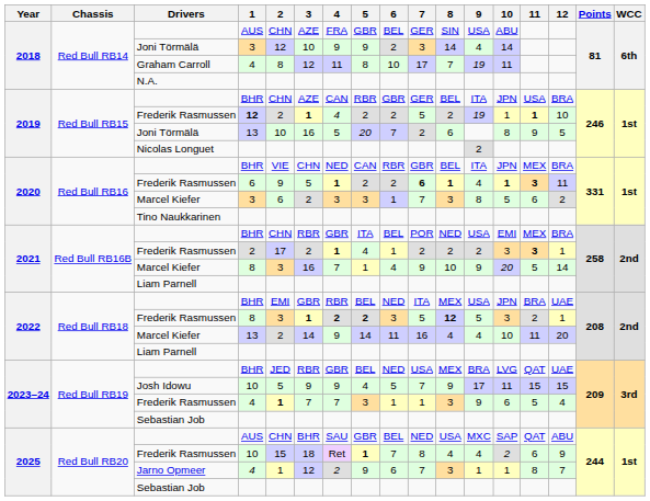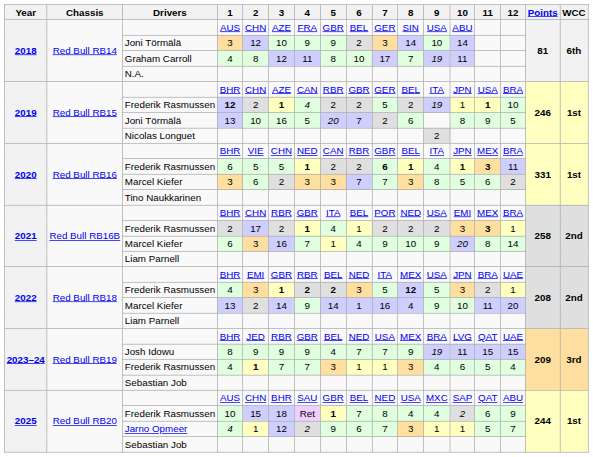 <table class="wikitable" style="text-align:center; font-size:85%">
 <tr>
 <th>Year</th>
 <th>Chassis</th>
 <th>Drivers</th>
 <th>1</th>
 <th>2</th>
 <th>3</th>
 <th>4</th>
 <th>5</th>
 <th>6</th>
 <th>7</th>
 <th>8</th>
 <th>9</th>
 <th>10</th>
 <th>11</th>
 <th>12</th>
 <th><a href='#'>Points</a></th>
 <th>WCC</th>
 </tr>
 <tr>
 <th rowspan="4"><a href='#'>2018</a></th>
 <td rowspan="4"><a href='#'>Red Bull RB14</a></td>
 <td></td>
 <td><a href='#'>AUS</a></td>
 <td><a href='#'>CHN</a></td>
 <td><a href='#'>AZE</a></td>
 <td><a href='#'>FRA</a></td>
 <td><a href='#'>GBR</a></td>
 <td><a href='#'>BEL</a></td>
 <td><a href='#'>GER</a></td>
 <td><a href='#'>SIN</a></td>
 <td><a href='#'>USA</a></td>
 <td><a href='#'>ABU</a></td>
 <td></td>
 <td></td>
 <th rowspan="4" style="background:#;">81</th>
 <th rowspan="4" style="background:#;">6th</th>
 </tr>
 <tr>
 <td align="left"> Joni Törmälä</td>
 <td style="background: #FFDF9F">3</td>
 <td style="background: #CFCFFF">12</td>
 <td style="background: #DFFFDF">10</td>
 <td style="background: #DFFFDF">9</td>
 <td style="background: #DFFFDF">9</td>
 <td style="background: #DFDFDF">2</td>
 <td style="background: #FFDF9F">3</td>
 <td style="background: #CFCFFF">14</td>
-<td style="background: #DFFFDF">4</td>
+<td style="background: #DFFFDF">10</td>
 <td style="background: #CFCFFF">14</td>
 <td></td>
 <td></td>
 </tr>
 <tr>
 <td align="left"> Graham Carroll</td>
 <td style="background: #DFFFDF">4</td>
 <td style="background: #DFFFDF">8</td>
 <td style="background: #CFCFFF">12</td>
 <td style="background: #CFCFFF">11</td>
 <td style="background: #DFFFDF">8</td>
 <td style="background: #DFFFDF">10</td>
 <td style="background: #CFCFFF">17</td>
 <td style="background: #DFFFDF">7</td>
 <td style="background: #CFCFFF"><em>19</em></td>
 <td style="background: #CFCFFF">11</td>
 <td></td>
 <td></td>
 </tr>
 <tr>
 <td align="left">N.A.</td>
 <td style="background:"></td>
 <td style="background:"></td>
 <td style="background:"></td>
 <td style="background:"></td>
 <td style="background:"></td>
 <td style="background:"></td>
 <td style="background:"></td>
 <td style="background:"></td>
 <td style="background:"></td>
 <td style="background:"></td>
 <td></td>
 <td></td>
 </tr>
 <tr>
 <th rowspan="4"><a href='#'>2019</a></th>
 <td rowspan="4"><a href='#'>Red Bull RB15</a></td>
 <td></td>
 <td><a href='#'>BHR</a></td>
 <td><a href='#'>CHN</a></td>
 <td><a href='#'>AZE</a></td>
 <td><a href='#'>CAN</a></td>
 <td><a href='#'>RBR</a></td>
 <td><a href='#'>GBR</a></td>
 <td><a href='#'>GER</a></td>
 <td><a href='#'>BEL</a></td>
 <td><a href='#'>ITA</a></td>
 <td><a href='#'>JPN</a></td>
 <td><a href='#'>USA</a></td>
 <td><a href='#'>BRA</a></td>
 <th rowspan="4" style="background: #FFFFBF;"><strong>246</strong></th>
 <th rowspan="4" style="background: #FFFFBF;"><strong>1st</strong></th>
 </tr>
 <tr>
 <td align="left"> Frederik Rasmussen</td>
 <td style="background: #CFCFFF"><strong>12</strong></td>
 <td style="background: #DFDFDF">2</td>
 <td style="background: #FFFFBF"><strong>1</strong></td>
 <td style="background: #DFFFDF"><em>4</em></td>
 <td style="background: #DFDFDF">2</td>
 <td style="background: #DFDFDF">2</td>
 <td style="background: #DFFFDF">5</td>
 <td style="background: #DFDFDF">2</td>
 <td style="background: #CFCFFF"><em>19</em></td>
 <td style="background: #FFFFBF">1</td>
 <td style="background: #FFFFBF"><strong>1</strong></td>
 <td style="background: #DFFFDF">10</td>
 </tr>
 <tr>
 <td align="left"> Joni Törmälä</td>
 <td style="background: #CFCFFF">13</td>
 <td style="background: #DFFFDF">10</td>
 <td style="background: #DFFFDF">16</td>
 <td style="background: #DFFFDF">5</td>
 <td style="background: #CFCFFF"><em>20</em></td>
 <td style="background: #CFCFFF">7</td>
 <td style="background: #DFDFDF">2</td>
 <td style="background: #DFFFDF">6</td>
 <td style="background: #"></td>
 <td style="background: #DFFFDF">8</td>
 <td style="background: #DFFFDF">9</td>
 <td style="background: #DFFFDF">5</td>
 </tr>
 <tr>
 <td align="left"> Nicolas Longuet</td>
 <td style="background: #"></td>
 <td style="background: #"></td>
 <td></td>
 <td></td>
 <td></td>
 <td></td>
 <td></td>
 <td></td>
 <td style="background: #DFDFDF">2</td>
 <td></td>
 <td></td>
 <td style="background: #"></td>
 </tr>
 <tr>
 <th rowspan="4"><a href='#'>2020</a></th>
 <td rowspan="4"><a href='#'>Red Bull RB16</a></td>
 <td></td>
 <td><a href='#'>BHR</a></td>
 <td><a href='#'>VIE</a></td>
 <td><a href='#'>CHN</a></td>
 <td><a href='#'>NED</a></td>
 <td><a href='#'>CAN</a></td>
 <td><a href='#'>RBR</a></td>
 <td><a href='#'>GBR</a></td>
 <td><a href='#'>BEL</a></td>
 <td><a href='#'>ITA</a></td>
 <td><a href='#'>JPN</a></td>
 <td><a href='#'>MEX</a></td>
 <td><a href='#'>BRA</a></td>
 <th rowspan="4" style="background: #FFFFBF;"><strong>331</strong></th>
 <th rowspan="4" style="background: #FFFFBF;"><strong>1st</strong></th>
 </tr>
 <tr>
 <td align="left"> Frederik Rasmussen</td>
 <td style="background: #DFFFDF">6</td>
-<td style="background: #DFFFDF">9</td>
+<td style="background: #DFFFDF">5</td>
 <td style="background: #DFFFDF">5</td>
 <td style="background: #FFFFBF"><strong>1</strong></td>
 <td style="background: #DFDFDF">2</td>
 <td style="background: #DFDFDF">2</td>
 <td style="background: #DFFFDF"><strong>6</strong></td>
 <td style="background: #FFFFBF"><strong>1</strong></td>
 <td style="background: #DFFFDF">4</td>
 <td style="background: #FFFFBF"><strong>1</strong></td>
 <td style="background: #FFDF9F"><strong>3</strong></td>
 <td style="background: #CFCFFF">11</td>
 </tr>
 <tr>
 <td align="left"> Marcel Kiefer</td>
 <td style="background: #FFDF9F">3</td>
 <td style="background: #DFFFDF">6</td>
 <td style="background: #DFDFDF">2</td>
 <td style="background: #FFDF9F">3</td>
 <td style="background: #FFDF9F">3</td>
-<td style="background: #CFCFFF">1</td>
+<td style="background: #CFCFFF">7</td>
 <td style="background: #DFFFDF">7</td>
 <td style="background: #FFDF9F">3</td>
 <td style="background: #DFFFDF">8</td>
 <td style="background: #DFFFDF">5</td>
 <td style="background: #DFFFDF">6</td>
 <td style="background: #DFDFDF">2</td>
 </tr>
 <tr>
 <td align="left"> Tino Naukkarinen</td>
 <td></td>
 <td style="background: #"></td>
 <td></td>
 <td style="background: #"></td>
 <td style="background: #"></td>
 <td style="background:"></td>
 <td></td>
 <td style="background: #"></td>
 <td style="background: #"></td>
 <td style="background: #"></td>
 <td style="background: #"></td>
 <td></td>
 </tr>
 <tr>
 <th rowspan="4"><a href='#'>2021</a></th>
 <td rowspan="4"><a href='#'>Red Bull RB16B</a></td>
 <td></td>
 <td><a href='#'>BHR</a></td>
 <td><a href='#'>CHN</a></td>
 <td><a href='#'>RBR</a></td>
 <td><a href='#'>GBR</a></td>
 <td><a href='#'>ITA</a></td>
 <td><a href='#'>BEL</a></td>
 <td><a href='#'>POR</a></td>
 <td><a href='#'>NED</a></td>
 <td><a href='#'>USA</a></td>
 <td><a href='#'>EMI</a></td>
 <td><a href='#'>MEX</a></td>
 <td><a href='#'>BRA</a></td>
 <th rowspan="4" style="background: #DFDFDF;">258</th>
 <th rowspan="4" style="background: #DFDFDF;">2nd</th>
 </tr>
 <tr>
 <td align="left"> Frederik Rasmussen</td>
 <td style="background: #DFDFDF">2</td>
 <td style="background: #CFCFFF">17</td>
 <td style="background: #DFDFDF">2</td>
 <td style="background: #FFFFBF"><strong>1</strong></td>
 <td style="background: #DFFFDF">4</td>
 <td style="background: #FFFFBF">1</td>
 <td style="background: #DFDFDF">2</td>
 <td style="background: #DFDFDF">2</td>
 <td style="background: #DFDFDF">2</td>
 <td style="background: #FFDF9F">3</td>
 <td style="background: #FFDF9F"><strong>3</strong></td>
 <td style="background: #FFFFBF">1</td>
 </tr>
 <tr>
 <td align="left"> Marcel Kiefer</td>
-<td style="background: #DFFFDF">8</td>
+<td style="background: #DFFFDF">6</td>
 <td style="background: #FFDF9F">3</td>
 <td style="background: #CFCFFF">16</td>
 <td style="background: #DFFFDF">7</td>
 <td style="background: #FFFFBF">1</td>
 <td style="background: #DFFFDF">4</td>
 <td style="background: #DFFFDF">9</td>
 <td style="background: #DFFFDF">10</td>
 <td style="background: #DFFFDF">9</td>
 <td style="background: #CFCFFF"><em>20</em></td>
-<td style="background: #DFFFDF">5</td>
+<td style="background: #DFFFDF">8</td>
 <td style="background: #DFFFDF">14</td>
 </tr>
 <tr>
 <td align="left"> Liam Parnell</td>
 <td style="background:"></td>
 <td style="background:"></td>
 <td style="background: #"></td>
 <td style="background: #"></td>
 <td style="background:"></td>
 <td style="background:"></td>
 <td style="background:"></td>
 <td style="background: #"></td>
 <td style="background:"></td>
 <td style="background:"></td>
 <td style="background:"></td>
 <td style="background: #"></td>
 </tr>
 <tr>
 <th rowspan="4"><a href='#'>2022</a></th>
 <td rowspan="4"><a href='#'>Red Bull RB18</a></td>
 <td></td>
 <td><a href='#'>BHR</a></td>
 <td><a href='#'>EMI</a></td>
 <td><a href='#'>GBR</a></td>
 <td><a href='#'>RBR</a></td>
 <td><a href='#'>BEL</a></td>
 <td><a href='#'>NED</a></td>
 <td><a href='#'>ITA</a></td>
 <td><a href='#'>MEX</a></td>
 <td><a href='#'>USA</a></td>
 <td><a href='#'>JPN</a></td>
 <td><a href='#'>BRA</a></td>
 <td><a href='#'>UAE</a></td>
 <th rowspan="4" style="background: #DFDFDF">208</th>
 <th rowspan="4" style="background: #DFDFDF">2nd</th>
 </tr>
 <tr>
 <td align="left"> Frederik Rasmussen</td>
-<td style="background: #DFFFDF">8</td>
+<td style="background: #DFFFDF">4</td>
 <td style="background: #FFDF9F">3</td>
 <td style="background: #FFFFBF"><strong>1</strong></td>
 <td style="background: #DFDFDF"><strong>2</strong></td>
 <td style="background: #DFDFDF"><strong>2</strong></td>
 <td style="background: #FFDF9F">3</td>
 <td style="background: #DFFFDF">5</td>
 <td style="background: #CFCFFF"><strong>12</strong></td>
 <td style="background: #DFFFDF">5</td>
 <td style="background: #FFDF9F">3</td>
 <td style="background: #DFDFDF">2</td>
 <td style="background: #FFFFBF">1</td>
 </tr>
 <tr>
 <td align="left"> Marcel Kiefer</td>
 <td style="background: #CFCFFF">13</td>
 <td style="background: #DFDFDF">2</td>
 <td style="background: #CFCFFF">14</td>
 <td style="background: #DFFFDF">9</td>
 <td style="background: #CFCFFF">14</td>
-<td style="background: #CFCFFF">11</td>
+<td style="background: #CFCFFF">1</td>
 <td style="background: #CFCFFF">16</td>
 <td style="background: #CFCFFF">4</td>
-<td style="background: #DFFFDF">4</td>
+<td style="background: #DFFFDF">9</td>
 <td style="background: #DFFFDF">10</td>
 <td style="background: #CFCFFF">11</td>
 <td style="background: #CFCFFF">20</td>
 </tr>
 <tr>
 <td align="left"> Liam Parnell</td>
 <td style="background:"></td>
 <td style="background:"></td>
 <td style="background:"></td>
 <td style="background:"></td>
 <td style="background:"></td>
 <td style="background:"></td>
 <td style="background:"></td>
 <td style="background:"></td>
 <td style="background:"></td>
 <td style="background:"></td>
 <td style="background:"></td>
 <td style="background:"></td>
 </tr>
 <tr>
 <th rowspan="4"><a href='#'>2023–24</a></th>
 <td rowspan="4"><a href='#'>Red Bull RB19</a></td>
 <td></td>
 <td><a href='#'>BHR</a></td>
 <td><a href='#'>JED</a></td>
 <td><a href='#'>RBR</a></td>
 <td><a href='#'>GBR</a></td>
 <td><a href='#'>BEL</a></td>
 <td><a href='#'>NED</a></td>
 <td><a href='#'>USA</a></td>
 <td><a href='#'>MEX</a></td>
 <td><a href='#'>BRA</a></td>
 <td><a href='#'>LVG</a></td>
 <td><a href='#'>QAT</a></td>
 <td><a href='#'>UAE</a></td>
 <th rowspan="4" style="background: #FFDF9F">209</th>
 <th rowspan="4" style="background: #FFDF9F">3rd</th>
 </tr>
 <tr>
 <td align="left"> Josh Idowu</td>
-<td style="background: #DFFFDF">10</td>
-<td style="background: #DFFFDF">5</td>
+<td style="background: #DFFFDF">8</td>
+<td style="background: #DFFFDF">9</td>
 <td style="background: #DFFFDF">9</td>
 <td style="background: #DFFFDF">9</td>
 <td style="background: #DFFFDF">4</td>
-<td style="background: #DFFFDF">5</td>
+<td style="background: #DFFFDF">7</td>
 <td style="background: #DFFFDF">7</td>
 <td style="background: #DFFFDF">9</td>
-<td style="background: #CFCFFF">17</td>
+<td style="background: #CFCFFF"><em>19</em></td>
 <td style="background: #CFCFFF">11</td>
 <td style="background: #CFCFFF">15</td>
 <td style="background: #CFCFFF">15</td>
 </tr>
 <tr>
 <td align="left"> Frederik Rasmussen</td>
 <td style="background: #DFFFDF">4</td>
 <td style="background: #FFFFBF"><strong>1</strong></td>
 <td style="background: #DFFFDF">7</td>
 <td style="background: #DFFFDF">7</td>
 <td style="background: #FFDF9F">3</td>
 <td style="background: #FFFFBF">1</td>
 <td style="background: #FFFFBF">1</td>
 <td style="background: #FFDF9F">3</td>
-<td style="background: #DFFFDF">9</td>
+<td style="background: #DFFFDF">4</td>
 <td style="background: #DFFFDF">6</td>
 <td style="background: #DFFFDF">5</td>
 <td style="background: #DFFFDF">4</td>
 </tr>
 <tr>
 <td align="left"> Sebastian Job</td>
 <td style="background: #"></td>
 <td style="background: #"></td>
 <td style="background: #"></td>
 <td style="background: #"></td>
 <td style="background: #"></td>
 <td style="background: #"></td>
 <td style="background: #"></td>
 <td style="background: #"></td>
 <td style="background: #"></td>
 <td style="background: #"></td>
 <td style="background: #"></td>
 <td style="background: #"></td>
 </tr>
 <tr>
 <th rowspan="4"><a href='#'>2025</a></th>
 <td rowspan="4"><a href='#'>Red Bull RB20</a></td>
 <td></td>
 <td><a href='#'>AUS</a></td>
 <td><a href='#'>CHN</a></td>
 <td><a href='#'>BHR</a></td>
 <td><a href='#'>SAU</a></td>
 <td><a href='#'>GBR</a></td>
 <td><a href='#'>BEL</a></td>
 <td><a href='#'>NED</a></td>
 <td><a href='#'>USA</a></td>
 <td><a href='#'>MXC</a></td>
 <td><a href='#'>SAP</a></td>
 <td><a href='#'>QAT</a></td>
 <td><a href='#'>ABU</a></td>
 <th rowspan="4" style="background: #FFFFBF"><strong>244</strong></th>
 <th rowspan="4" style="background: #FFFFBF"><strong>1st</strong></th>
 </tr>
 <tr>
 <td align="left"> Frederik Rasmussen</td>
 <td style="background: #DFFFDF">10</td>
 <td style="background: #CFCFFF">15</td>
 <td style="background: #CFCFFF">18</td>
 <td style="background: #EFCFFF">Ret</td>
 <td style="background: #FFFFBF"><strong>1</strong></td>
 <td style="background: #DFFFDF">7</td>
 <td style="background: #DFFFDF">8</td>
 <td style="background: #DFFFDF">4</td>
 <td style="background: #DFFFDF">4</td>
 <td style="background: #DFDFDF"><em>2</em></td>
 <td style="background: #DFFFDF">6</td>
 <td style="background: #DFFFDF">9</td>
 </tr>
 <tr>
 <td align="left"> <a href='#'>Jarno Opmeer</a></td>
 <td style="background: #DFFFDF"><em>4</em></td>
 <td style="background: #FFFFBF">1</td>
 <td style="background: #CFCFFF">12</td>
 <td style="background: #DFDFDF"><em>2</em></td>
 <td style="background: #DFFFDF">9</td>
 <td style="background: #DFFFDF">6</td>
 <td style="background: #DFFFDF">7</td>
 <td style="background: #FFDF9F">3</td>
 <td style="background: #FFFFBF">1</td>
 <td style="background: #FFFFBF">1</td>
-<td style="background: #DFFFDF">8</td>
+<td style="background: #DFFFDF">5</td>
 <td style="background: #DFFFDF">7</td>
 </tr>
 <tr>
 <td align="left"> Sebastian Job</td>
 <td style="background: #"></td>
 <td style="background: #"></td>
 <td style="background: #"></td>
 <td style="background: #"></td>
 <td style="background: #"></td>
 <td style="background: #"></td>
 <td style="background: #"></td>
 <td style="background: #"></td>
 <td style="background: #"></td>
 <td style="background: #"></td>
 <td style="background: #"></td>
 <td style="background: #"></td>
 </tr>
 </table>
